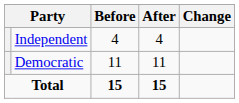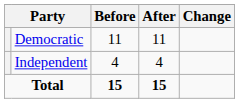 <table class="wikitable" style="text-align:center;">
 <tr>
 </tr>
 <tr>
 <th colspan=2>Party</th>
 <th>Before</th>
 <th>After</th>
 <th>Change</th>
 </tr>
 <tr>
 <th style="background-color:"></th>
-<td style="text-align:left;"><a href='#'>Independent</a></td>
-<td>4</td>
-<td>4</td>
+<td style="text-align:left;"><a href='#'>Democratic</a></td>
+<td>11</td>
+<td>11</td>
 <td></td>
 </tr>
 <tr>
 <th style="background-color:"></th>
-<td style="text-align:left;"><a href='#'>Democratic</a></td>
-<td>11</td>
-<td>11</td>
+<td style="text-align:left;"><a href='#'>Independent</a></td>
+<td>4</td>
+<td>4</td>
 <td></td>
 </tr>
 <tr>
 <td colspan=2><strong>Total</strong></td>
 <td><strong>15</strong></td>
 <td><strong>15</strong></td>
 <td></td>
 </tr>
 </table>
